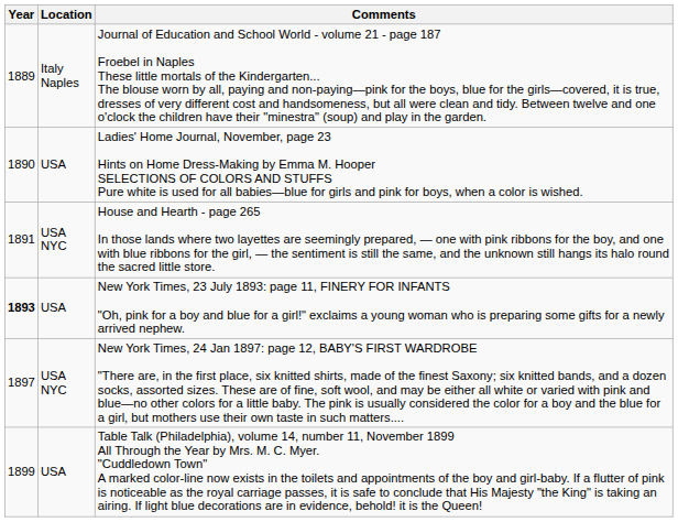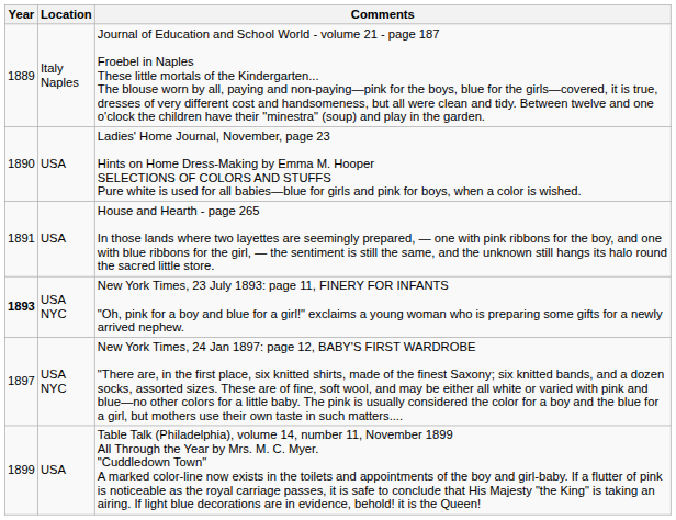 <table class="wikitable sortable">
 <tr>
 <th>Year</th>
 <th>Location</th>
 <th>Comments</th>
 </tr>
 <tr>
 <td>1889</td>
 <td>Italy<br>Naples</td>
 <td>Journal of Education and School World - volume 21 - page 187<br><br>Froebel in Naples<br> These little mortals of the Kindergarten...<br> The blouse worn by all, paying and non-paying—pink for the boys, blue for the girls—covered, it is true, dresses of very different cost and handsomeness, but all were clean and tidy. Between twelve and one o'clock the children have their "minestra" (soup) and play in the garden. </td>
 </tr>
 <tr>
 <td>1890</td>
 <td>USA</td>
 <td>Ladies' Home Journal, November, page 23<br><br>Hints on Home Dress-Making by Emma M. Hooper<br> SELECTIONS OF COLORS AND STUFFS<br> Pure white is used for all babies—blue for girls and pink for boys, when a color is wished. </td>
 </tr>
 <tr>
 <td>1891</td>
-<td>USA<br>NYC</td>
+<td>USA</td>
 <td>House and Hearth - page 265 <br><br>In those lands where two layettes are seemingly prepared, — one with pink ribbons for the boy, and one with blue ribbons for the girl, — the sentiment is still the same, and the unknown still hangs its halo round the sacred little store. </td>
 </tr>
 <tr>
 <td><strong>1893</strong></td>
-<td>USA</td>
+<td>USA<br>NYC</td>
 <td>New York Times, 23 July 1893: page 11, FINERY FOR INFANTS<br><br>"Oh, pink for a boy and blue for a girl!" exclaims a young woman who is preparing some gifts for a newly arrived nephew.</td>
 </tr>
 <tr>
 <td>1897</td>
 <td>USA<br>NYC</td>
 <td>New York Times, 24 Jan 1897: page 12, BABY'S FIRST WARDROBE<br><br>"There are, in the first place, six knitted shirts, made of the finest Saxony; six knitted bands, and a dozen socks, assorted sizes. These are of fine, soft wool, and may be either all white or varied with pink and blue—no other colors for a little baby. The pink is usually considered the color for a boy and the blue for a girl, but mothers use their own taste in such matters....</td>
 </tr>
 <tr>
 <td>1899</td>
 <td>USA</td>
 <td>Table Talk (Philadelphia), volume 14, number 11, November 1899<br>All Through the Year by Mrs. M. C. Myer.<br> "Cuddledown Town"<br> A marked color-line now exists in the toilets and appointments of the boy and girl-baby. If a flutter of pink is noticeable as the royal carriage passes, it is safe to conclude that His Majesty "the King" is taking an airing. If light blue decorations are in evidence, behold! it is the Queen! </td>
 </tr>
 </table>
